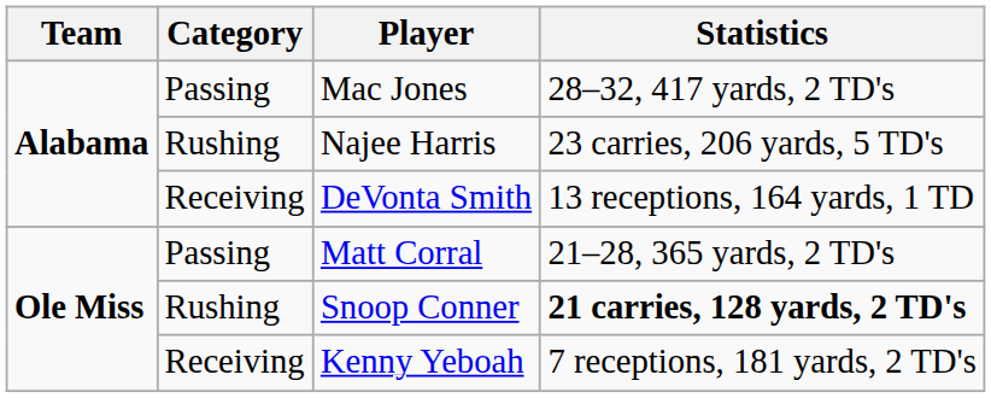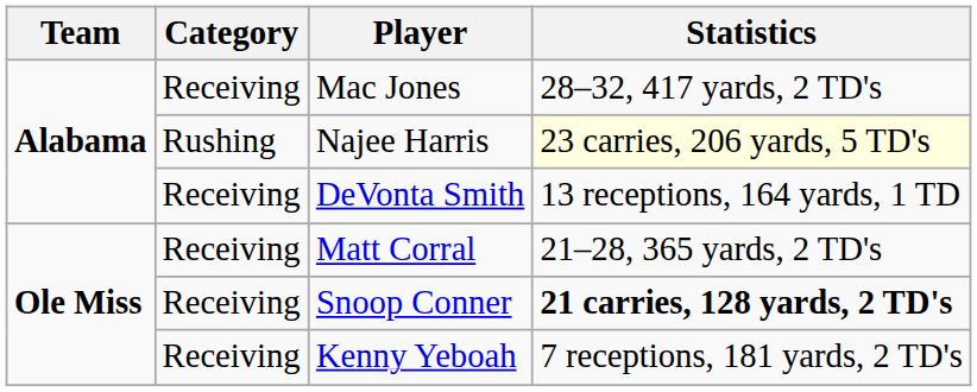 <table class="wikitable" style="float: right;">
 <tr>
 <th>Team</th>
 <th>Category</th>
 <th>Player</th>
 <th>Statistics</th>
 </tr>
 <tr>
 <td rowspan=3><strong>Alabama</strong></td>
-<td>Passing</td>
+<td>Receiving</td>
 <td>Mac Jones</td>
 <td>28–32, 417 yards, 2 TD's</td>
 </tr>
 <tr>
 <td>Rushing</td>
 <td>Najee Harris</td>
-<td>23 carries, 206 yards, 5 TD's</td>
+<td style="background: lightyellow;">23 carries, 206 yards, 5 TD's</td>
 </tr>
 <tr>
 <td>Receiving</td>
 <td><a href='#'>DeVonta Smith</a></td>
 <td>13 receptions, 164 yards, 1 TD</td>
 </tr>
 <tr>
 <td rowspan=3><strong>Ole Miss</strong></td>
-<td>Passing</td>
+<td>Receiving</td>
 <td><a href='#'>Matt Corral</a></td>
 <td>21–28, 365 yards, 2 TD's</td>
 </tr>
 <tr>
-<td>Rushing</td>
+<td>Receiving</td>
 <td><a href='#'>Snoop Conner</a></td>
 <td><strong>21 carries, 128 yards, 2 TD's</strong></td>
 </tr>
 <tr>
 <td>Receiving</td>
 <td><a href='#'>Kenny Yeboah</a></td>
 <td>7 receptions, 181 yards, 2 TD's</td>
 </tr>
 </table>
